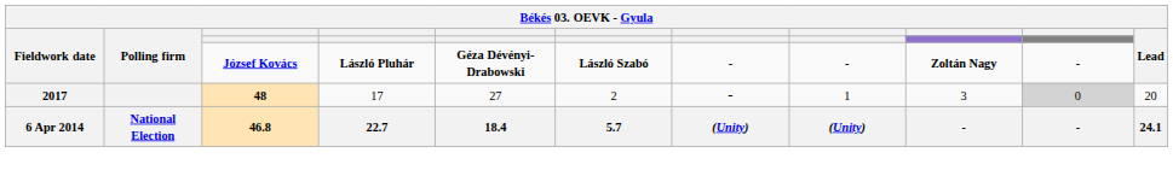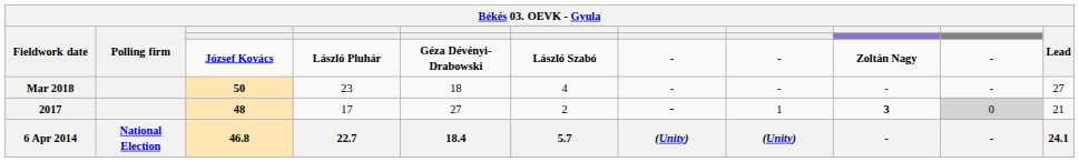 <table class="wikitable mw-collapsible mw-collapsed" style="text-align:center">
 <tr>
 <th colspan="11" style="width: 980pt;"><small><a href='#'>Békés</a> 03.</small> <small>OEVK - <a href='#'>Gyula</a></small></th>
 </tr>
 <tr>
 <th rowspan="3" style="width: 80pt;"><small>Fieldwork</small> <small>date</small></th>
 <th rowspan="3" style="width: 80pt;"><strong><small>Polling</small> <small>firm</small></strong></th>
 <th style="width: 100pt;"><small></small></th>
 <th style="width: 100pt;"><small> </small></th>
 <th style="width: 100pt;"></th>
 <th style="width: 100pt;"></th>
 <th style="width: 100pt;"></th>
 <th style="width: 100pt;"></th>
 <th style="width: 100pt;"></th>
 <th style="width: 100pt;"></th>
 <th rowspan="3" style="width: 20pt;"><small>Lead</small></th>
 </tr>
 <tr>
 <th style="color:inherit;background:"></th>
 <th style="color:inherit;background:"></th>
 <th style="color:inherit;background:"></th>
 <th style="color:inherit;background:"></th>
 <th style="color:inherit;background:"></th>
 <th style="color:inherit;background:"></th>
 <th style="color:inherit;background:#8E6FCE;"></th>
 <th style="color:inherit;background:#808080;"></th>
 </tr>
 <tr>
 <td><strong><small><a href='#'>József Kovács</a></small></strong></td>
 <td><strong><small>László Pluhár</small></strong></td>
 <td><strong><small>Géza</small></strong> <strong><small>Dévényi</small><small>-</small><small>Drabowski</small></strong></td>
 <td><strong><small>László Szabó</small></strong></td>
 <td><strong><small>-</small></strong></td>
 <td><strong><small>-</small></strong></td>
 <td><strong><small>Zoltán Nagy</small></strong></td>
 <td><strong><small>-</small></strong></td>
 </tr>
 <tr>
+<th><small>Mar 2018</small></th>
+<th><small></small></th>
+<td style="background:#FFE5B4"><strong><small>50</small></strong></td>
+<td><small>23</small></td>
+<td><small>18</small></td>
+<td><small>4</small></td>
+<td><small>-</small></td>
+<td><small>-</small></td>
+<td><small>-</small></td>
+<td><small>-</small></td>
+<td style="background:"><small>27</small></td>
+</tr>
+<tr>
 <th><small>2017</small></th>
 <th><small></small></th>
 <td style="background:#FFE5B4"><strong><small>48</small></strong></td>
 <td><small>17</small></td>
 <td><small>27</small></td>
 <td><small>2</small></td>
 <td>-</td>
 <td><small>1</small></td>
-<td><small>3</small></td>
+<td><strong><small>3</small></strong></td>
 <td style="background: lightgrey;"><small>0</small></td>
-<td style="background:"><small>20</small></td>
+<td style="background:"><small>21</small></td>
 </tr>
 <tr>
 <th><small>6 Apr 2014</small></th>
 <th><a href='#'><small>National Election</small></a></th>
 <th style="background:#FFE5B4"><strong><small>46.8</small></strong></th>
 <th><small>22.7</small></th>
 <th><small>18.4</small></th>
 <th><small>5.7</small></th>
 <th><small><em>(<a href='#'>Unity</a>)</em></small></th>
 <th><small><em>(<a href='#'>Unity</a>)</em></small></th>
 <th><small>-</small></th>
 <th><small>-</small></th>
 <th style="background:"><small>24.1</small></th>
 </tr>
 </table>
